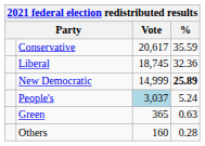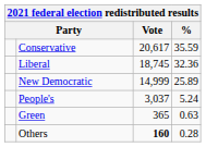 <table class="wikitable">
 <tr>
 <th colspan="4"><a href='#'>2021 federal election</a> redistributed results</th>
 </tr>
 <tr>
 <th bgcolor="#DDDDFF" width="130px" colspan="2">Party</th>
 <th bgcolor="#DDDDFF" width="50px">Vote</th>
 <th bgcolor="#DDDDFF" width="30px">%</th>
 </tr>
 <tr>
 <td> </td>
 <td><a href='#'>Conservative</a></td>
 <td align=right>20,617</td>
 <td align=right>35.59</td>
 </tr>
 <tr>
 <td> </td>
 <td><a href='#'>Liberal</a></td>
 <td align=right>18,745</td>
 <td align=right>32.36</td>
 </tr>
 <tr>
 <td> </td>
 <td><a href='#'>New Democratic</a></td>
 <td align=right>14,999</td>
-<td align=right><strong>25.89</strong></td>
+<td align=right>25.89</td>
 </tr>
 <tr>
 <td> </td>
 <td><a href='#'>People's</a></td>
-<td align=right style="background: lightblue;">3,037</td>
+<td align=right>3,037</td>
 <td align=right>5.24</td>
 </tr>
 <tr>
 <td> </td>
 <td><a href='#'>Green</a></td>
 <td align=right>365</td>
 <td align=right>0.63</td>
 </tr>
 <tr>
 <td> </td>
 <td>Others</td>
-<td align=right>160</td>
+<td align=right><strong>160</strong></td>
 <td align=right>0.28</td>
 </tr>
 </table>
